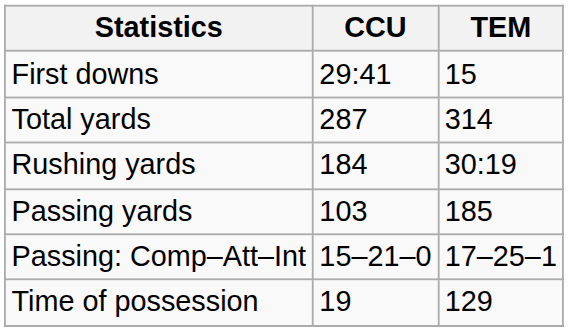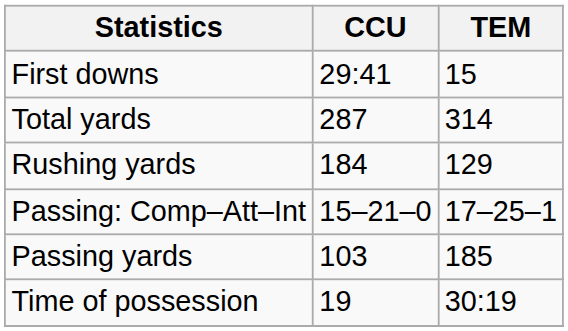 <table class="wikitable" style="float: left;">
 <tr>
 <th>Statistics</th>
 <th>CCU</th>
 <th>TEM</th>
 </tr>
 <tr>
 <td>First downs</td>
 <td>29:41</td>
 <td>15</td>
 </tr>
 <tr>
 <td>Total yards</td>
 <td>287</td>
 <td>314</td>
 </tr>
 <tr>
 <td>Rushing yards</td>
 <td>184</td>
-<td>30:19</td>
+<td>129</td>
+</tr>
+<tr>
+<td>Passing: Comp–Att–Int</td>
+<td>15–21–0</td>
+<td>17–25–1</td>
 </tr>
 <tr>
 <td>Passing yards</td>
 <td>103</td>
 <td>185</td>
 </tr>
 <tr>
-<td>Passing: Comp–Att–Int</td>
-<td>15–21–0</td>
-<td>17–25–1</td>
-</tr>
-<tr>
 <td>Time of possession</td>
 <td>19</td>
-<td>129</td>
+<td>30:19</td>
 </tr>
 <tr>
 </tr>
 </table>
